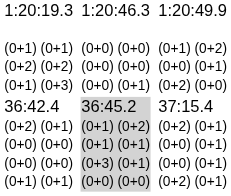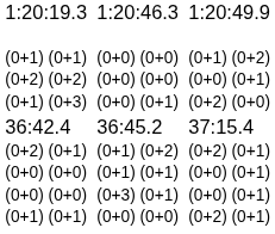 <table>
 <tr>
 <td><br></td>
 <td></td>
 <td>1:20:19.3<br><small><br>(0+1) (0+1)<br>(0+2) (0+2)<br>(0+1) (0+3)</small></td>
 <td></td>
 <td>1:20:46.3<br><small><br>(0+0) (0+0)<br>(0+0) (0+0)<br>(0+0) (0+1)</small></td>
 <td></td>
 <td>1:20:49.9<br><small><br>(0+1) (0+2)<br>(0+0) (0+1)<br>(0+2) (0+0)</small></td>
 </tr>
 <tr>
 <td><br></td>
 <td></td>
 <td>36:42.4<br><small>(0+2) (0+1)<br>(0+0) (0+0)<br>(0+0) (0+0)<br>(0+1) (0+1)</small></td>
 <td></td>
-<td style="background: lightgrey;">36:45.2<br><small>(0+1) (0+2)<br>(0+1) (0+1)<br>(0+3) (0+1)<br>(0+0) (0+0)</small></td>
+<td>36:45.2<br><small>(0+1) (0+2)<br>(0+1) (0+1)<br>(0+3) (0+1)<br>(0+0) (0+0)</small></td>
 <td></td>
 <td>37:15.4<br><small>(0+2) (0+1)<br>(0+0) (0+1)<br>(0+0) (0+1)<br>(0+2) (0+1)</small></td>
 </tr>
 </table>
